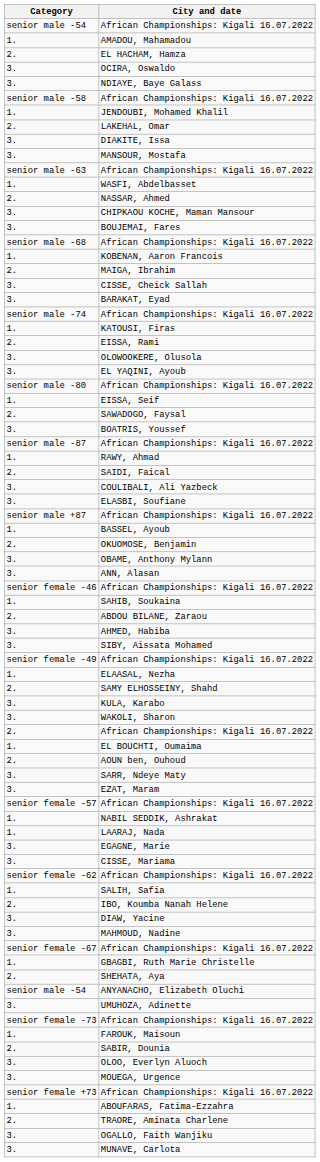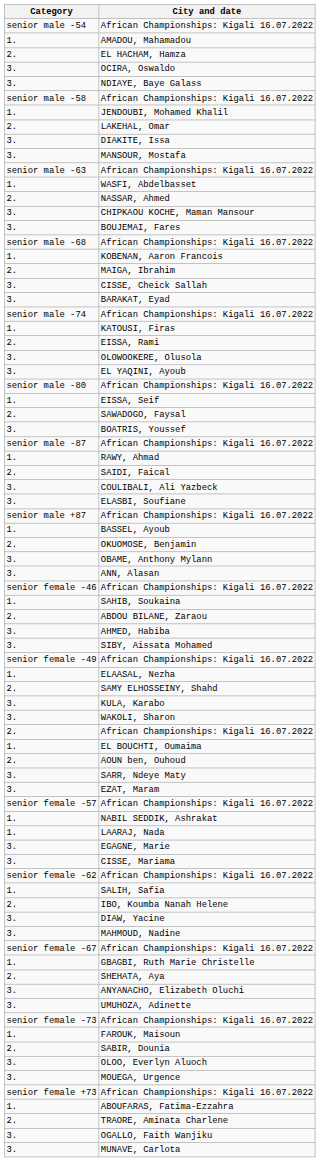 <table class="wikitable">
 <tr>
 <th>Category</th>
 <th>City and date</th>
 </tr>
 <tr>
 <td>senior male -54</td>
 <td>African Championships: Kigali 16.07.2022</td>
 </tr>
 <tr>
 <td>1.</td>
 <td>AMADOU, Mahamadou</td>
 </tr>
 <tr>
 <td>2.</td>
 <td>EL HACHAM, Hamza</td>
 </tr>
 <tr>
 <td>3.</td>
 <td>OCIRA, Oswaldo</td>
 </tr>
 <tr>
 <td>3.</td>
 <td>NDIAYE, Baye Galass</td>
 </tr>
 <tr>
 <td>senior male -58</td>
 <td>African Championships: Kigali 16.07.2022</td>
 </tr>
 <tr>
 <td>1.</td>
 <td>JENDOUBI, Mohamed Khalil</td>
 </tr>
 <tr>
 <td>2.</td>
 <td>LAKEHAL, Omar</td>
 </tr>
 <tr>
 <td>3.</td>
 <td>DIAKITE, Issa</td>
 </tr>
 <tr>
 <td>3.</td>
 <td>MANSOUR, Mostafa</td>
 </tr>
 <tr>
 <td>senior male -63</td>
 <td>African Championships: Kigali 16.07.2022</td>
 </tr>
 <tr>
 <td>1.</td>
 <td>WASFI, Abdelbasset</td>
 </tr>
 <tr>
 <td>2.</td>
 <td>NASSAR, Ahmed</td>
 </tr>
 <tr>
 <td>3.</td>
 <td>CHIPKAOU KOCHE, Maman Mansour</td>
 </tr>
 <tr>
 <td>3.</td>
 <td>BOUJEMAI, Fares</td>
 </tr>
 <tr>
 <td>senior male -68</td>
 <td>African Championships: Kigali 16.07.2022</td>
 </tr>
 <tr>
 <td>1.</td>
 <td>KOBENAN, Aaron Francois</td>
 </tr>
 <tr>
 <td>2.</td>
 <td>MAIGA, Ibrahim</td>
 </tr>
 <tr>
 <td>3.</td>
 <td>CISSE, Cheick Sallah</td>
 </tr>
 <tr>
 <td>3.</td>
 <td>BARAKAT, Eyad</td>
 </tr>
 <tr>
 <td>senior male -74</td>
 <td>African Championships: Kigali 16.07.2022</td>
 </tr>
 <tr>
 <td>1.</td>
 <td>KATOUSI, Firas</td>
 </tr>
 <tr>
 <td>2.</td>
 <td>EISSA, Rami</td>
 </tr>
 <tr>
 <td>3.</td>
 <td>OLOWOOKERE, Olusola</td>
 </tr>
 <tr>
 <td>3.</td>
 <td>EL YAQINI, Ayoub</td>
 </tr>
 <tr>
 <td>senior male -80</td>
 <td>African Championships: Kigali 16.07.2022</td>
 </tr>
 <tr>
 <td>1.</td>
 <td>EISSA, Seif</td>
 </tr>
 <tr>
 <td>2.</td>
 <td>SAWADOGO, Faysal</td>
 </tr>
 <tr>
 <td>3.</td>
 <td>BOATRIS, Youssef</td>
 </tr>
 <tr>
 <td>senior male -87</td>
 <td>African Championships: Kigali 16.07.2022</td>
 </tr>
 <tr>
 <td>1.</td>
 <td>RAWY, Ahmad</td>
 </tr>
 <tr>
 <td>2.</td>
 <td>SAIDI, Faical</td>
 </tr>
 <tr>
 <td>3.</td>
 <td>COULIBALI, Ali Yazbeck</td>
 </tr>
 <tr>
 <td>3.</td>
 <td>ELASBI, Soufiane</td>
 </tr>
 <tr>
 <td>senior male +87</td>
 <td>African Championships: Kigali 16.07.2022</td>
 </tr>
 <tr>
 <td>1.</td>
 <td>BASSEL, Ayoub</td>
 </tr>
 <tr>
 <td>2.</td>
 <td>OKUOMOSE, Benjamin</td>
 </tr>
 <tr>
 <td>3.</td>
 <td>OBAME, Anthony Mylann</td>
 </tr>
 <tr>
 <td>3.</td>
 <td>ANN, Alasan</td>
 </tr>
 <tr>
 <td>senior female -46</td>
 <td>African Championships: Kigali 16.07.2022</td>
 </tr>
 <tr>
 <td>1.</td>
 <td>SAHIB, Soukaina</td>
 </tr>
 <tr>
 <td>2.</td>
 <td>ABDOU BILANE, Zaraou</td>
 </tr>
 <tr>
 <td>3.</td>
 <td>AHMED, Habiba</td>
 </tr>
 <tr>
 <td>3.</td>
 <td>SIBY, Aissata Mohamed</td>
 </tr>
 <tr>
 <td>senior female -49</td>
 <td>African Championships: Kigali 16.07.2022</td>
 </tr>
 <tr>
 <td>1.</td>
 <td>ELAASAL, Nezha</td>
 </tr>
 <tr>
 <td>2.</td>
 <td>SAMY ELHOSSEINY, Shahd</td>
 </tr>
 <tr>
 <td>3.</td>
 <td>KULA, Karabo</td>
 </tr>
 <tr>
 <td>3.</td>
 <td>WAKOLI, Sharon</td>
 </tr>
 <tr>
 <td>2.</td>
 <td>African Championships: Kigali 16.07.2022</td>
 </tr>
 <tr>
 <td>1.</td>
 <td>EL BOUCHTI, Oumaima</td>
 </tr>
 <tr>
 <td>2.</td>
 <td>AOUN ben, Ouhoud</td>
 </tr>
 <tr>
 <td>3.</td>
 <td>SARR, Ndeye Maty</td>
 </tr>
 <tr>
 <td>3.</td>
 <td>EZAT, Maram</td>
 </tr>
 <tr>
 <td>senior female -57</td>
 <td>African Championships: Kigali 16.07.2022</td>
 </tr>
 <tr>
 <td>1.</td>
 <td>NABIL SEDDIK, Ashrakat</td>
 </tr>
 <tr>
 <td>1.</td>
 <td>LAARAJ, Nada</td>
 </tr>
 <tr>
 <td>3.</td>
 <td>EGAGNE, Marie</td>
 </tr>
 <tr>
 <td>3.</td>
 <td>CISSE, Mariama</td>
 </tr>
 <tr>
 <td>senior female -62</td>
 <td>African Championships: Kigali 16.07.2022</td>
 </tr>
 <tr>
 <td>1.</td>
 <td>SALIH, Safia</td>
 </tr>
 <tr>
 <td>2.</td>
 <td>IBO, Koumba Nanah Helene</td>
 </tr>
 <tr>
 <td>3.</td>
 <td>DIAW, Yacine</td>
 </tr>
 <tr>
 <td>3.</td>
 <td>MAHMOUD, Nadine</td>
 </tr>
 <tr>
 <td>senior female -67</td>
 <td>African Championships: Kigali 16.07.2022</td>
 </tr>
 <tr>
 <td>1.</td>
 <td>GBAGBI, Ruth Marie Christelle</td>
 </tr>
 <tr>
 <td>2.</td>
 <td>SHEHATA, Aya</td>
 </tr>
 <tr>
-<td>senior male -54</td>
+<td>3.</td>
 <td>ANYANACHO, Elizabeth Oluchi</td>
 </tr>
 <tr>
 <td>3.</td>
 <td>UMUHOZA, Adinette</td>
 </tr>
 <tr>
 <td>senior female -73</td>
 <td>African Championships: Kigali 16.07.2022</td>
 </tr>
 <tr>
 <td>1.</td>
 <td>FAROUK, Maisoun</td>
 </tr>
 <tr>
 <td>2.</td>
 <td>SABIR, Dounia</td>
 </tr>
 <tr>
 <td>3.</td>
 <td>OLOO, Everlyn Aluoch</td>
 </tr>
 <tr>
 <td>3.</td>
 <td>MOUEGA, Urgence</td>
 </tr>
 <tr>
 <td>senior female +73</td>
 <td>African Championships: Kigali 16.07.2022</td>
 </tr>
 <tr>
 <td>1.</td>
 <td>ABOUFARAS, Fatima-Ezzahra</td>
 </tr>
 <tr>
 <td>2.</td>
 <td>TRAORE, Aminata Charlene</td>
 </tr>
 <tr>
 <td>3.</td>
 <td>OGALLO, Faith Wanjiku</td>
 </tr>
 <tr>
 <td>3.</td>
 <td>MUNAVE, Carlota</td>
 </tr>
 </table>
